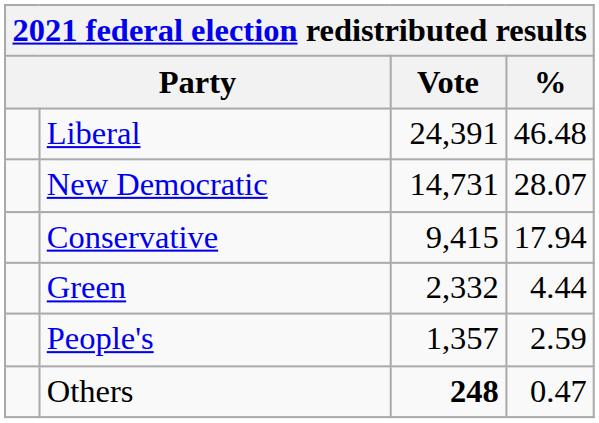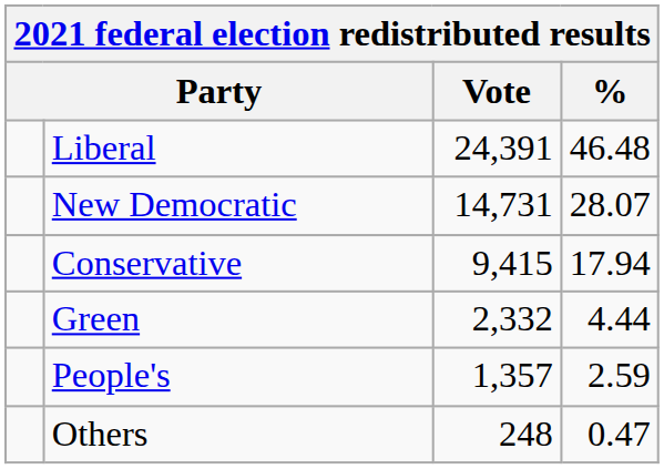 <table class="wikitable">
 <tr>
 <th colspan="4"><a href='#'>2021 federal election</a> redistributed results</th>
 </tr>
 <tr>
 <th bgcolor="#DDDDFF" width="130px" colspan="2">Party</th>
 <th bgcolor="#DDDDFF" width="50px">Vote</th>
 <th bgcolor="#DDDDFF" width="30px">%</th>
 </tr>
 <tr>
 <td> </td>
 <td><a href='#'>Liberal</a></td>
 <td align=right>24,391</td>
 <td align=right>46.48</td>
 </tr>
 <tr>
 <td> </td>
 <td><a href='#'>New Democratic</a></td>
 <td align=right>14,731</td>
 <td align=right>28.07</td>
 </tr>
 <tr>
 <td> </td>
 <td><a href='#'>Conservative</a></td>
 <td align=right>9,415</td>
 <td align=right>17.94</td>
 </tr>
 <tr>
 <td> </td>
 <td><a href='#'>Green</a></td>
 <td align=right>2,332</td>
 <td align=right>4.44</td>
 </tr>
 <tr>
 <td> </td>
 <td><a href='#'>People's</a></td>
 <td align=right>1,357</td>
 <td align=right>2.59</td>
 </tr>
 <tr>
 <td> </td>
 <td>Others</td>
-<td align=right><strong>248</strong></td>
+<td align=right>248</td>
 <td align=right>0.47</td>
 </tr>
 </table>
